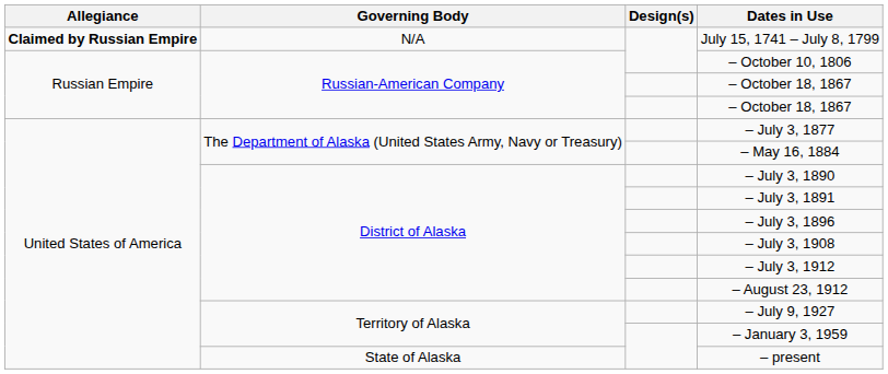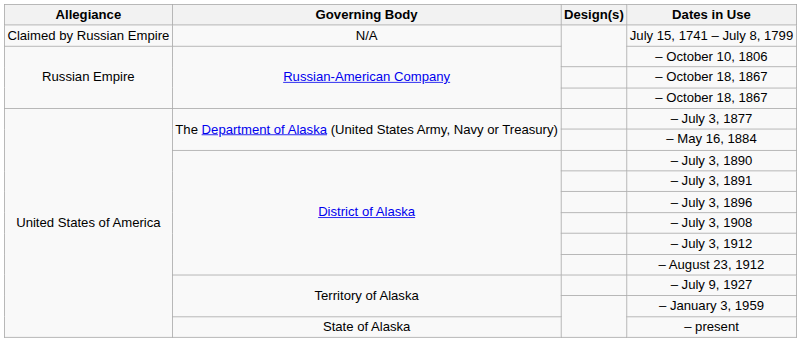 <table class="sortable wikitable">
 <tr>
 <th class="unsortable">Allegiance</th>
 <th class="unsortable">Governing Body</th>
 <th class="unsortable">Design(s)</th>
 <th class="unsortable">Dates in Use</th>
 </tr>
 <tr style="vertical-align:center;text-align:center;">
-<td><strong>Claimed by Russian Empire</strong></td>
+<td>Claimed by Russian Empire</td>
 <td>N/A</td>
 <td rowspan="2"></td>
 <td {{Dts>July 15, 1741 – July 8, 1799</td>
 </tr>
 <tr style="vertical-align:center;text-align:center;">
 <td rowspan="3">Russian Empire</td>
 <td rowspan="3"><a href='#'>Russian-American Company</a></td>
 <td> – October 10, 1806</td>
 </tr>
 <tr style="vertical-align:center;text-align:center;">
 <td></td>
 <td> – October 18, 1867</td>
 </tr>
 <tr style="vertical-align:center;text-align:center;">
 <td></td>
 <td> – October 18, 1867</td>
 </tr>
 <tr style="vertical-align:center;text-align:center;">
 <td rowspan="11">United States of America</td>
 <td rowspan="2">The <a href='#'>Department of Alaska</a> (United States Army, Navy or Treasury)</td>
 <td></td>
 <td> – July 3, 1877</td>
 </tr>
 <tr style="vertical-align:center;text-align:center;">
 <td></td>
 <td> – May 16, 1884</td>
 </tr>
 <tr style="vertical-align:center;text-align:center;">
 <td rowspan="6"><a href='#'>District of Alaska</a></td>
 <td></td>
 <td> – July 3, 1890</td>
 </tr>
 <tr style="vertical-align:center;text-align:center;">
 <td></td>
 <td> – July 3, 1891</td>
 </tr>
 <tr style="vertical-align:center;text-align:center;">
 <td></td>
 <td> – July 3, 1896</td>
 </tr>
 <tr style="vertical-align:center;text-align:center;">
 <td></td>
 <td> – July 3, 1908</td>
 </tr>
 <tr style="vertical-align:center;text-align:center;">
 <td></td>
 <td> – July 3, 1912</td>
 </tr>
 <tr style="vertical-align:center;text-align:center;">
 <td></td>
 <td> – August 23, 1912</td>
 </tr>
 <tr style="vertical-align:center;text-align:center;">
 <td rowspan="2">Territory of Alaska</td>
 <td></td>
 <td> – July 9, 1927</td>
 </tr>
 <tr style="vertical-align:center;text-align:center;">
 <td rowspan="2"></td>
 <td> – January 3, 1959</td>
 </tr>
 <tr style="vertical-align:center;text-align:center;">
 <td>State of Alaska</td>
 <td> – present</td>
 </tr>
 </table>
